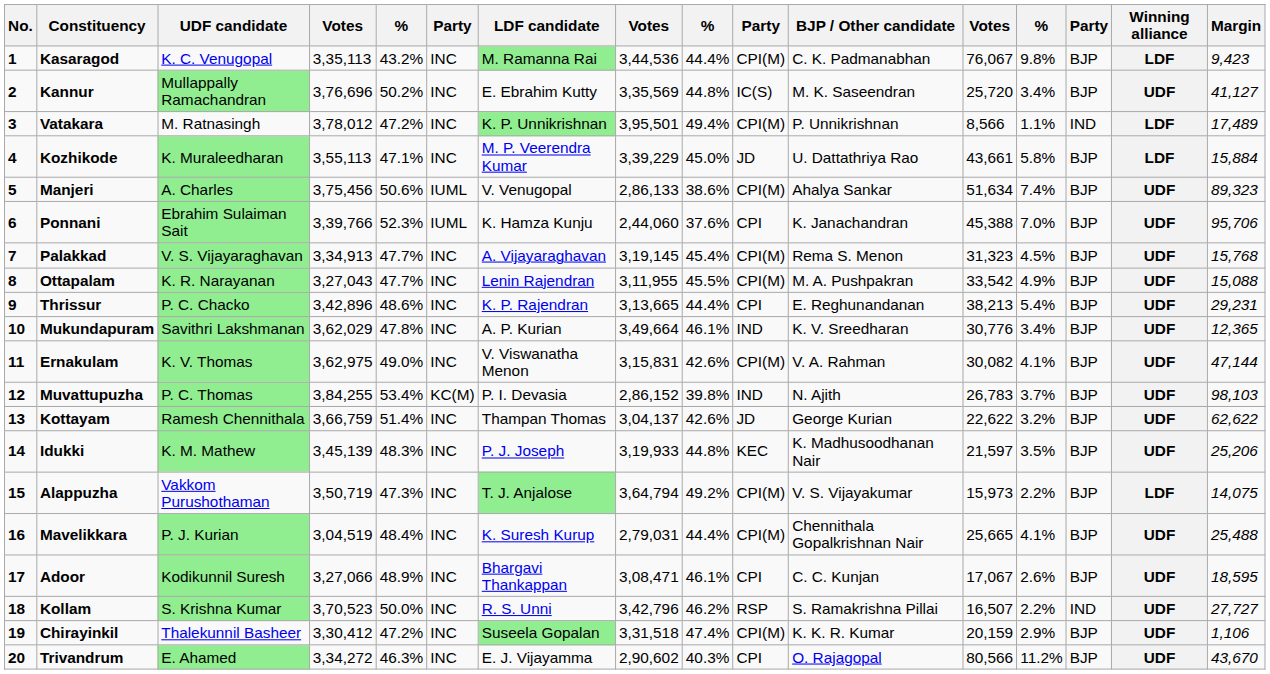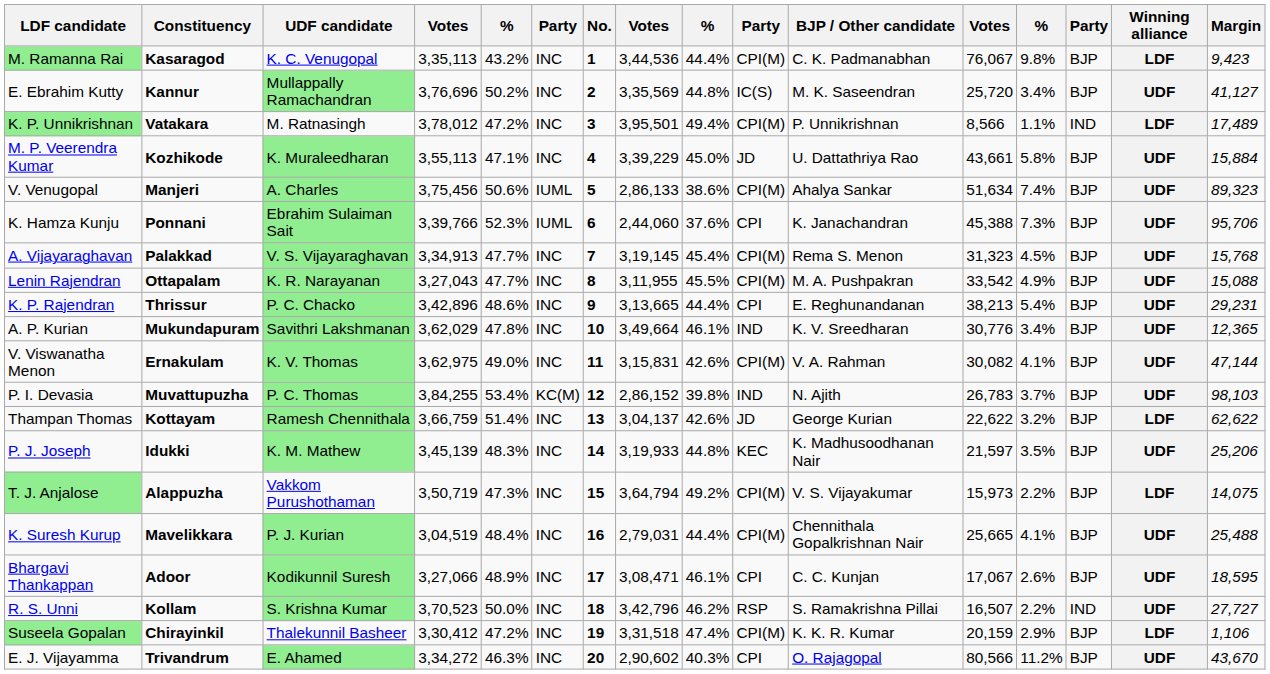 <table class="wikitable sortable" style="font-size:95%;">
 <tr>
-<th>No.</th>
+<th>LDF candidate</th>
 <th>Constituency</th>
 <th>UDF candidate</th>
 <th>Votes</th>
 <th>%</th>
 <th>Party</th>
-<th>LDF candidate</th>
+<th>No.</th>
 <th>Votes</th>
 <th>%</th>
 <th>Party</th>
 <th>BJP / Other candidate</th>
 <th>Votes</th>
 <th>%</th>
 <th>Party</th>
 <th>Winning alliance</th>
 <th>Margin</th>
 </tr>
 <tr>
-<td><strong>1</strong></td>
+<td style="background:lightgreen;">M. Ramanna Rai</td>
 <td><strong>Kasaragod</strong></td>
 <td><a href='#'>K. C. Venugopal</a></td>
 <td>3,35,113</td>
 <td>43.2%</td>
 <td>INC</td>
-<td style="background:lightgreen;">M. Ramanna Rai</td>
+<td><strong>1</strong></td>
 <td>3,44,536</td>
 <td>44.4%</td>
 <td>CPI(M)</td>
 <td>C. K. Padmanabhan</td>
 <td>76,067</td>
 <td>9.8%</td>
 <td>BJP</td>
 <th style="background:">LDF</th>
 <td><em>9,423</em></td>
 </tr>
 <tr>
-<td><strong>2</strong></td>
+<td>E. Ebrahim Kutty</td>
 <td><strong>Kannur</strong></td>
 <td style="background:lightgreen;">Mullappally Ramachandran</td>
 <td>3,76,696</td>
 <td>50.2%</td>
 <td>INC</td>
-<td>E. Ebrahim Kutty</td>
+<td><strong>2</strong></td>
 <td>3,35,569</td>
 <td>44.8%</td>
 <td>IC(S)</td>
 <td>M. K. Saseendran</td>
 <td>25,720</td>
 <td>3.4%</td>
 <td>BJP</td>
 <th style="background:">UDF</th>
 <td><em>41,127</em></td>
 </tr>
 <tr>
-<td><strong>3</strong></td>
+<td style="background:lightgreen;">K. P. Unnikrishnan</td>
 <td><strong>Vatakara</strong></td>
 <td>M. Ratnasingh</td>
 <td>3,78,012</td>
 <td>47.2%</td>
 <td>INC</td>
-<td style="background:lightgreen;">K. P. Unnikrishnan</td>
+<td><strong>3</strong></td>
 <td>3,95,501</td>
 <td>49.4%</td>
 <td>CPI(M)</td>
 <td>P. Unnikrishnan</td>
 <td>8,566</td>
 <td>1.1%</td>
 <td>IND</td>
 <th style="background:">LDF</th>
 <td><em>17,489</em></td>
 </tr>
 <tr>
-<td><strong>4</strong></td>
+<td><a href='#'>M. P. Veerendra Kumar</a></td>
 <td><strong>Kozhikode</strong></td>
 <td style="background:lightgreen;">K. Muraleedharan</td>
 <td>3,55,113</td>
 <td>47.1%</td>
 <td>INC</td>
-<td><a href='#'>M. P. Veerendra Kumar</a></td>
+<td><strong>4</strong></td>
 <td>3,39,229</td>
 <td>45.0%</td>
 <td>JD</td>
 <td>U. Dattathriya Rao</td>
 <td>43,661</td>
 <td>5.8%</td>
 <td>BJP</td>
-<th style="background:">LDF</th>
+<th style="background:">UDF</th>
 <td><em>15,884</em></td>
 </tr>
 <tr>
-<td><strong>5</strong></td>
+<td>V. Venugopal</td>
 <td><strong>Manjeri</strong></td>
 <td style="background:lightgreen;">A. Charles</td>
 <td>3,75,456</td>
 <td>50.6%</td>
 <td>IUML</td>
-<td>V. Venugopal</td>
+<td><strong>5</strong></td>
 <td>2,86,133</td>
 <td>38.6%</td>
 <td>CPI(M)</td>
 <td>Ahalya Sankar</td>
 <td>51,634</td>
 <td>7.4%</td>
 <td>BJP</td>
 <th style="background:">UDF</th>
 <td><em>89,323</em></td>
 </tr>
 <tr>
-<td><strong>6</strong></td>
+<td>K. Hamza Kunju</td>
 <td><strong>Ponnani</strong></td>
 <td style="background:lightgreen;">Ebrahim Sulaiman Sait</td>
 <td>3,39,766</td>
 <td>52.3%</td>
 <td>IUML</td>
-<td>K. Hamza Kunju</td>
+<td><strong>6</strong></td>
 <td>2,44,060</td>
 <td>37.6%</td>
 <td>CPI</td>
 <td>K. Janachandran</td>
 <td>45,388</td>
-<td>7.0%</td>
+<td>7.3%</td>
 <td>BJP</td>
 <th style="background:">UDF</th>
 <td><em>95,706</em></td>
 </tr>
 <tr>
-<td><strong>7</strong></td>
+<td><a href='#'>A. Vijayaraghavan</a></td>
 <td><strong>Palakkad</strong></td>
 <td style="background:lightgreen;">V. S. Vijayaraghavan</td>
 <td>3,34,913</td>
 <td>47.7%</td>
 <td>INC</td>
-<td><a href='#'>A. Vijayaraghavan</a></td>
+<td><strong>7</strong></td>
 <td>3,19,145</td>
 <td>45.4%</td>
 <td>CPI(M)</td>
 <td>Rema S. Menon</td>
 <td>31,323</td>
 <td>4.5%</td>
 <td>BJP</td>
 <th style="background:">UDF</th>
 <td><em>15,768</em></td>
 </tr>
 <tr>
-<td><strong>8</strong></td>
+<td><a href='#'>Lenin Rajendran</a></td>
 <td><strong>Ottapalam</strong></td>
 <td style="background:lightgreen;">K. R. Narayanan</td>
 <td>3,27,043</td>
 <td>47.7%</td>
 <td>INC</td>
-<td><a href='#'>Lenin Rajendran</a></td>
+<td><strong>8</strong></td>
 <td>3,11,955</td>
 <td>45.5%</td>
 <td>CPI(M)</td>
 <td>M. A. Pushpakran</td>
 <td>33,542</td>
 <td>4.9%</td>
 <td>BJP</td>
 <th style="background:">UDF</th>
 <td><em>15,088</em></td>
 </tr>
 <tr>
-<td><strong>9</strong></td>
+<td><a href='#'>K. P. Rajendran</a></td>
 <td><strong>Thrissur</strong></td>
 <td style="background:lightgreen;">P. C. Chacko</td>
 <td>3,42,896</td>
 <td>48.6%</td>
 <td>INC</td>
-<td><a href='#'>K. P. Rajendran</a></td>
+<td><strong>9</strong></td>
 <td>3,13,665</td>
 <td>44.4%</td>
 <td>CPI</td>
 <td>E. Reghunandanan</td>
 <td>38,213</td>
 <td>5.4%</td>
 <td>BJP</td>
 <th style="background:">UDF</th>
 <td><em>29,231</em></td>
 </tr>
 <tr>
-<td><strong>10</strong></td>
+<td>A. P. Kurian</td>
 <td><strong>Mukundapuram</strong></td>
 <td style="background:lightgreen;">Savithri Lakshmanan</td>
 <td>3,62,029</td>
 <td>47.8%</td>
 <td>INC</td>
-<td>A. P. Kurian</td>
+<td><strong>10</strong></td>
 <td>3,49,664</td>
 <td>46.1%</td>
 <td>IND</td>
 <td>K. V. Sreedharan</td>
 <td>30,776</td>
 <td>3.4%</td>
 <td>BJP</td>
 <th style="background:">UDF</th>
 <td><em>12,365</em></td>
 </tr>
 <tr>
-<td><strong>11</strong></td>
+<td>V. Viswanatha Menon</td>
 <td><strong>Ernakulam</strong></td>
 <td style="background:lightgreen;">K. V. Thomas</td>
 <td>3,62,975</td>
 <td>49.0%</td>
 <td>INC</td>
-<td>V. Viswanatha Menon</td>
+<td><strong>11</strong></td>
 <td>3,15,831</td>
 <td>42.6%</td>
 <td>CPI(M)</td>
 <td>V. A. Rahman</td>
 <td>30,082</td>
 <td>4.1%</td>
 <td>BJP</td>
 <th style="background:">UDF</th>
 <td><em>47,144</em></td>
 </tr>
 <tr>
-<td><strong>12</strong></td>
+<td>P. I. Devasia</td>
 <td><strong>Muvattupuzha</strong></td>
 <td style="background:lightgreen;">P. C. Thomas</td>
 <td>3,84,255</td>
 <td>53.4%</td>
 <td>KC(M)</td>
-<td>P. I. Devasia</td>
+<td><strong>12</strong></td>
 <td>2,86,152</td>
 <td>39.8%</td>
 <td>IND</td>
 <td>N. Ajith</td>
 <td>26,783</td>
 <td>3.7%</td>
 <td>BJP</td>
 <th style="background:">UDF</th>
 <td><em>98,103</em></td>
 </tr>
 <tr>
-<td><strong>13</strong></td>
+<td>Thampan Thomas</td>
 <td><strong>Kottayam</strong></td>
 <td style="background:lightgreen;">Ramesh Chennithala</td>
 <td>3,66,759</td>
 <td>51.4%</td>
 <td>INC</td>
-<td>Thampan Thomas</td>
+<td><strong>13</strong></td>
 <td>3,04,137</td>
 <td>42.6%</td>
 <td>JD</td>
 <td>George Kurian</td>
 <td>22,622</td>
 <td>3.2%</td>
 <td>BJP</td>
-<th style="background:">UDF</th>
+<th style="background:">LDF</th>
 <td><em>62,622</em></td>
 </tr>
 <tr>
-<td><strong>14</strong></td>
+<td><a href='#'>P. J. Joseph</a></td>
 <td><strong>Idukki</strong></td>
 <td style="background:lightgreen;">K. M. Mathew</td>
 <td>3,45,139</td>
 <td>48.3%</td>
 <td>INC</td>
-<td><a href='#'>P. J. Joseph</a></td>
+<td><strong>14</strong></td>
 <td>3,19,933</td>
 <td>44.8%</td>
 <td>KEC</td>
 <td>K. Madhusoodhanan Nair</td>
 <td>21,597</td>
 <td>3.5%</td>
 <td>BJP</td>
 <th style="background:">UDF</th>
 <td><em>25,206</em></td>
 </tr>
 <tr>
-<td><strong>15</strong></td>
+<td style="background:lightgreen;">T. J. Anjalose</td>
 <td><strong>Alappuzha</strong></td>
 <td><a href='#'>Vakkom Purushothaman</a></td>
 <td>3,50,719</td>
 <td>47.3%</td>
 <td>INC</td>
-<td style="background:lightgreen;">T. J. Anjalose</td>
+<td><strong>15</strong></td>
 <td>3,64,794</td>
 <td>49.2%</td>
 <td>CPI(M)</td>
 <td>V. S. Vijayakumar</td>
 <td>15,973</td>
 <td>2.2%</td>
 <td>BJP</td>
 <th style="background:">LDF</th>
 <td><em>14,075</em></td>
 </tr>
 <tr>
-<td><strong>16</strong></td>
+<td><a href='#'>K. Suresh Kurup</a></td>
 <td><strong>Mavelikkara</strong></td>
 <td style="background:lightgreen;">P. J. Kurian</td>
 <td>3,04,519</td>
 <td>48.4%</td>
 <td>INC</td>
-<td><a href='#'>K. Suresh Kurup</a></td>
+<td><strong>16</strong></td>
 <td>2,79,031</td>
 <td>44.4%</td>
 <td>CPI(M)</td>
 <td>Chennithala Gopalkrishnan Nair</td>
 <td>25,665</td>
 <td>4.1%</td>
 <td>BJP</td>
 <th style="background:">UDF</th>
 <td><em>25,488</em></td>
 </tr>
 <tr>
-<td><strong>17</strong></td>
+<td><a href='#'>Bhargavi Thankappan</a></td>
 <td><strong>Adoor</strong></td>
 <td style="background:lightgreen;">Kodikunnil Suresh</td>
 <td>3,27,066</td>
 <td>48.9%</td>
 <td>INC</td>
-<td><a href='#'>Bhargavi Thankappan</a></td>
+<td><strong>17</strong></td>
 <td>3,08,471</td>
 <td>46.1%</td>
 <td>CPI</td>
 <td>C. C. Kunjan</td>
 <td>17,067</td>
 <td>2.6%</td>
 <td>BJP</td>
 <th style="background:">UDF</th>
 <td><em>18,595</em></td>
 </tr>
 <tr>
-<td><strong>18</strong></td>
+<td><a href='#'>R. S. Unni</a></td>
 <td><strong>Kollam</strong></td>
 <td style="background:lightgreen;">S. Krishna Kumar</td>
 <td>3,70,523</td>
 <td>50.0%</td>
 <td>INC</td>
-<td><a href='#'>R. S. Unni</a></td>
+<td><strong>18</strong></td>
 <td>3,42,796</td>
 <td>46.2%</td>
 <td>RSP</td>
 <td>S. Ramakrishna Pillai</td>
 <td>16,507</td>
 <td>2.2%</td>
 <td>IND</td>
 <th style="background:">UDF</th>
 <td><em>27,727</em></td>
 </tr>
 <tr>
-<td><strong>19</strong></td>
+<td style="background:lightgreen;">Suseela Gopalan</td>
 <td><strong>Chirayinkil</strong></td>
 <td><a href='#'>Thalekunnil Basheer</a></td>
 <td>3,30,412</td>
 <td>47.2%</td>
 <td>INC</td>
-<td style="background:lightgreen;">Suseela Gopalan</td>
+<td><strong>19</strong></td>
 <td>3,31,518</td>
 <td>47.4%</td>
 <td>CPI(M)</td>
 <td>K. K. R. Kumar</td>
 <td>20,159</td>
 <td>2.9%</td>
 <td>BJP</td>
-<th style="background:">UDF</th>
+<th style="background:">LDF</th>
 <td><em>1,106</em></td>
 </tr>
 <tr>
-<td><strong>20</strong></td>
+<td>E. J. Vijayamma</td>
 <td><strong>Trivandrum</strong></td>
 <td style="background:lightgreen;">E. Ahamed</td>
 <td>3,34,272</td>
 <td>46.3%</td>
 <td>INC</td>
-<td>E. J. Vijayamma</td>
+<td><strong>20</strong></td>
 <td>2,90,602</td>
 <td>40.3%</td>
 <td>CPI</td>
 <td><a href='#'>O. Rajagopal</a></td>
 <td>80,566</td>
 <td>11.2%</td>
 <td>BJP</td>
 <th style="background:">UDF</th>
 <td><em>43,670</em></td>
 </tr>
 </table>
